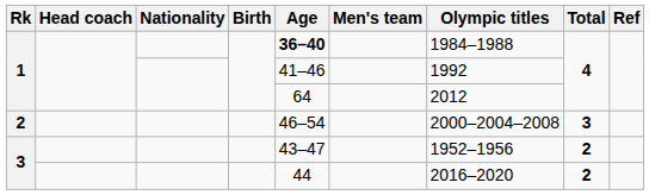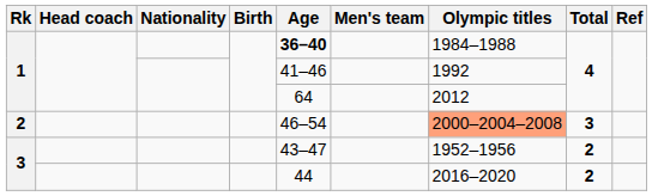 <table class="wikitable sortable sticky-header" style="text-align: center; font-size: 100%; margin-left: 1em;">
 <tr>
 <th scope="col">Rk</th>
 <th scope="col">Head coach</th>
 <th scope="col">Nationality</th>
 <th scope="col">Birth</th>
 <th scope="col">Age</th>
 <th scope="col">Men's team</th>
 <th scope="col">Olympic titles</th>
 <th scope="col">Total</th>
 <th scope="col" class="unsortable">Ref</th>
 </tr>
 <tr>
 <th scope="rowgroup" rowspan="3">1</th>
 <td rowspan="3" style="text-align: left;"></td>
 <td style="text-align: left;"></td>
 <td rowspan="3"></td>
 <td><strong>36–40</strong></td>
 <td style="text-align: left;"></td>
 <td style="text-align: left;">1984–1988</td>
 <td rowspan="3"><strong>4</strong></td>
 <td rowspan="3"><br><br></td>
 </tr>
 <tr>
 <td rowspan="2" style="text-align: left;"></td>
 <td>41–46</td>
 <td style="text-align: left;"></td>
 <td style="text-align: left;">1992</td>
 </tr>
 <tr>
 <td>64</td>
 <td style="text-align: left;"></td>
 <td style="text-align: left;">2012</td>
 </tr>
 <tr>
 <th scope="row">2</th>
 <td style="text-align: left;"></td>
 <td style="text-align: left;"></td>
 <td></td>
 <td>46–54</td>
 <td style="text-align: left;"></td>
-<td style="text-align: left;">2000–2004–2008</td>
+<td style="background: lightsalmon; text-align: left;">2000–2004–2008</td>
 <td><strong>3</strong></td>
 <td></td>
 </tr>
 <tr>
 <th scope="rowgroup" rowspan="2">3</th>
 <td style="text-align: left;"></td>
 <td style="text-align: left;"></td>
 <td></td>
 <td>43–47</td>
 <td style="text-align: left;"></td>
 <td style="text-align: left;">1952–1956</td>
 <td><strong>2</strong></td>
 <td></td>
 </tr>
 <tr>
 <td style="text-align: left;"></td>
 <td style="text-align: left;"></td>
 <td></td>
 <td>44</td>
 <td style="text-align: left;"></td>
 <td style="text-align: left;">2016–2020</td>
 <td><strong>2</strong></td>
 <td></td>
 </tr>
 </table>
